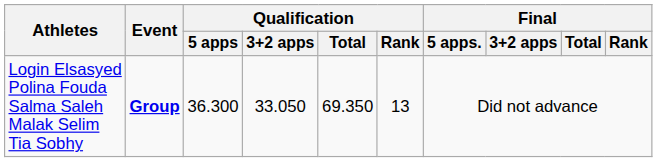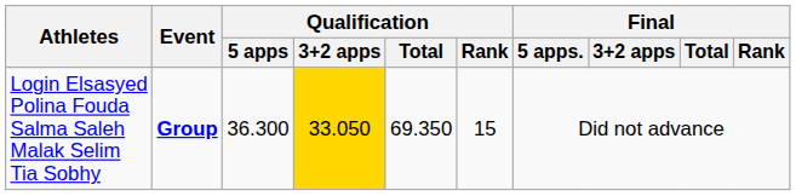 <table class="wikitable" style="font-size:90%">
 <tr>
 <th rowspan="2">Athletes</th>
 <th rowspan="2">Event</th>
 <th colspan="4">Qualification</th>
 <th colspan="4">Final</th>
 </tr>
 <tr style="font-size:95%">
 <th>5 apps</th>
 <th>3+2 apps</th>
 <th>Total</th>
 <th>Rank</th>
 <th>5 apps.</th>
 <th>3+2 apps</th>
 <th>Total</th>
 <th>Rank</th>
 </tr>
 <tr align=center>
 <td align=left><a href='#'>Login Elsasyed</a><br><a href='#'>Polina Fouda</a><br><a href='#'>Salma Saleh</a><br><a href='#'>Malak Selim</a><br><a href='#'>Tia Sobhy</a></td>
 <td align=left><strong><a href='#'>Group</a></strong></td>
 <td>36.300</td>
-<td>33.050</td>
+<td style="background: gold;">33.050</td>
 <td>69.350</td>
-<td>13</td>
+<td>15</td>
 <td colspan="6">Did not advance</td>
 </tr>
 </table>
